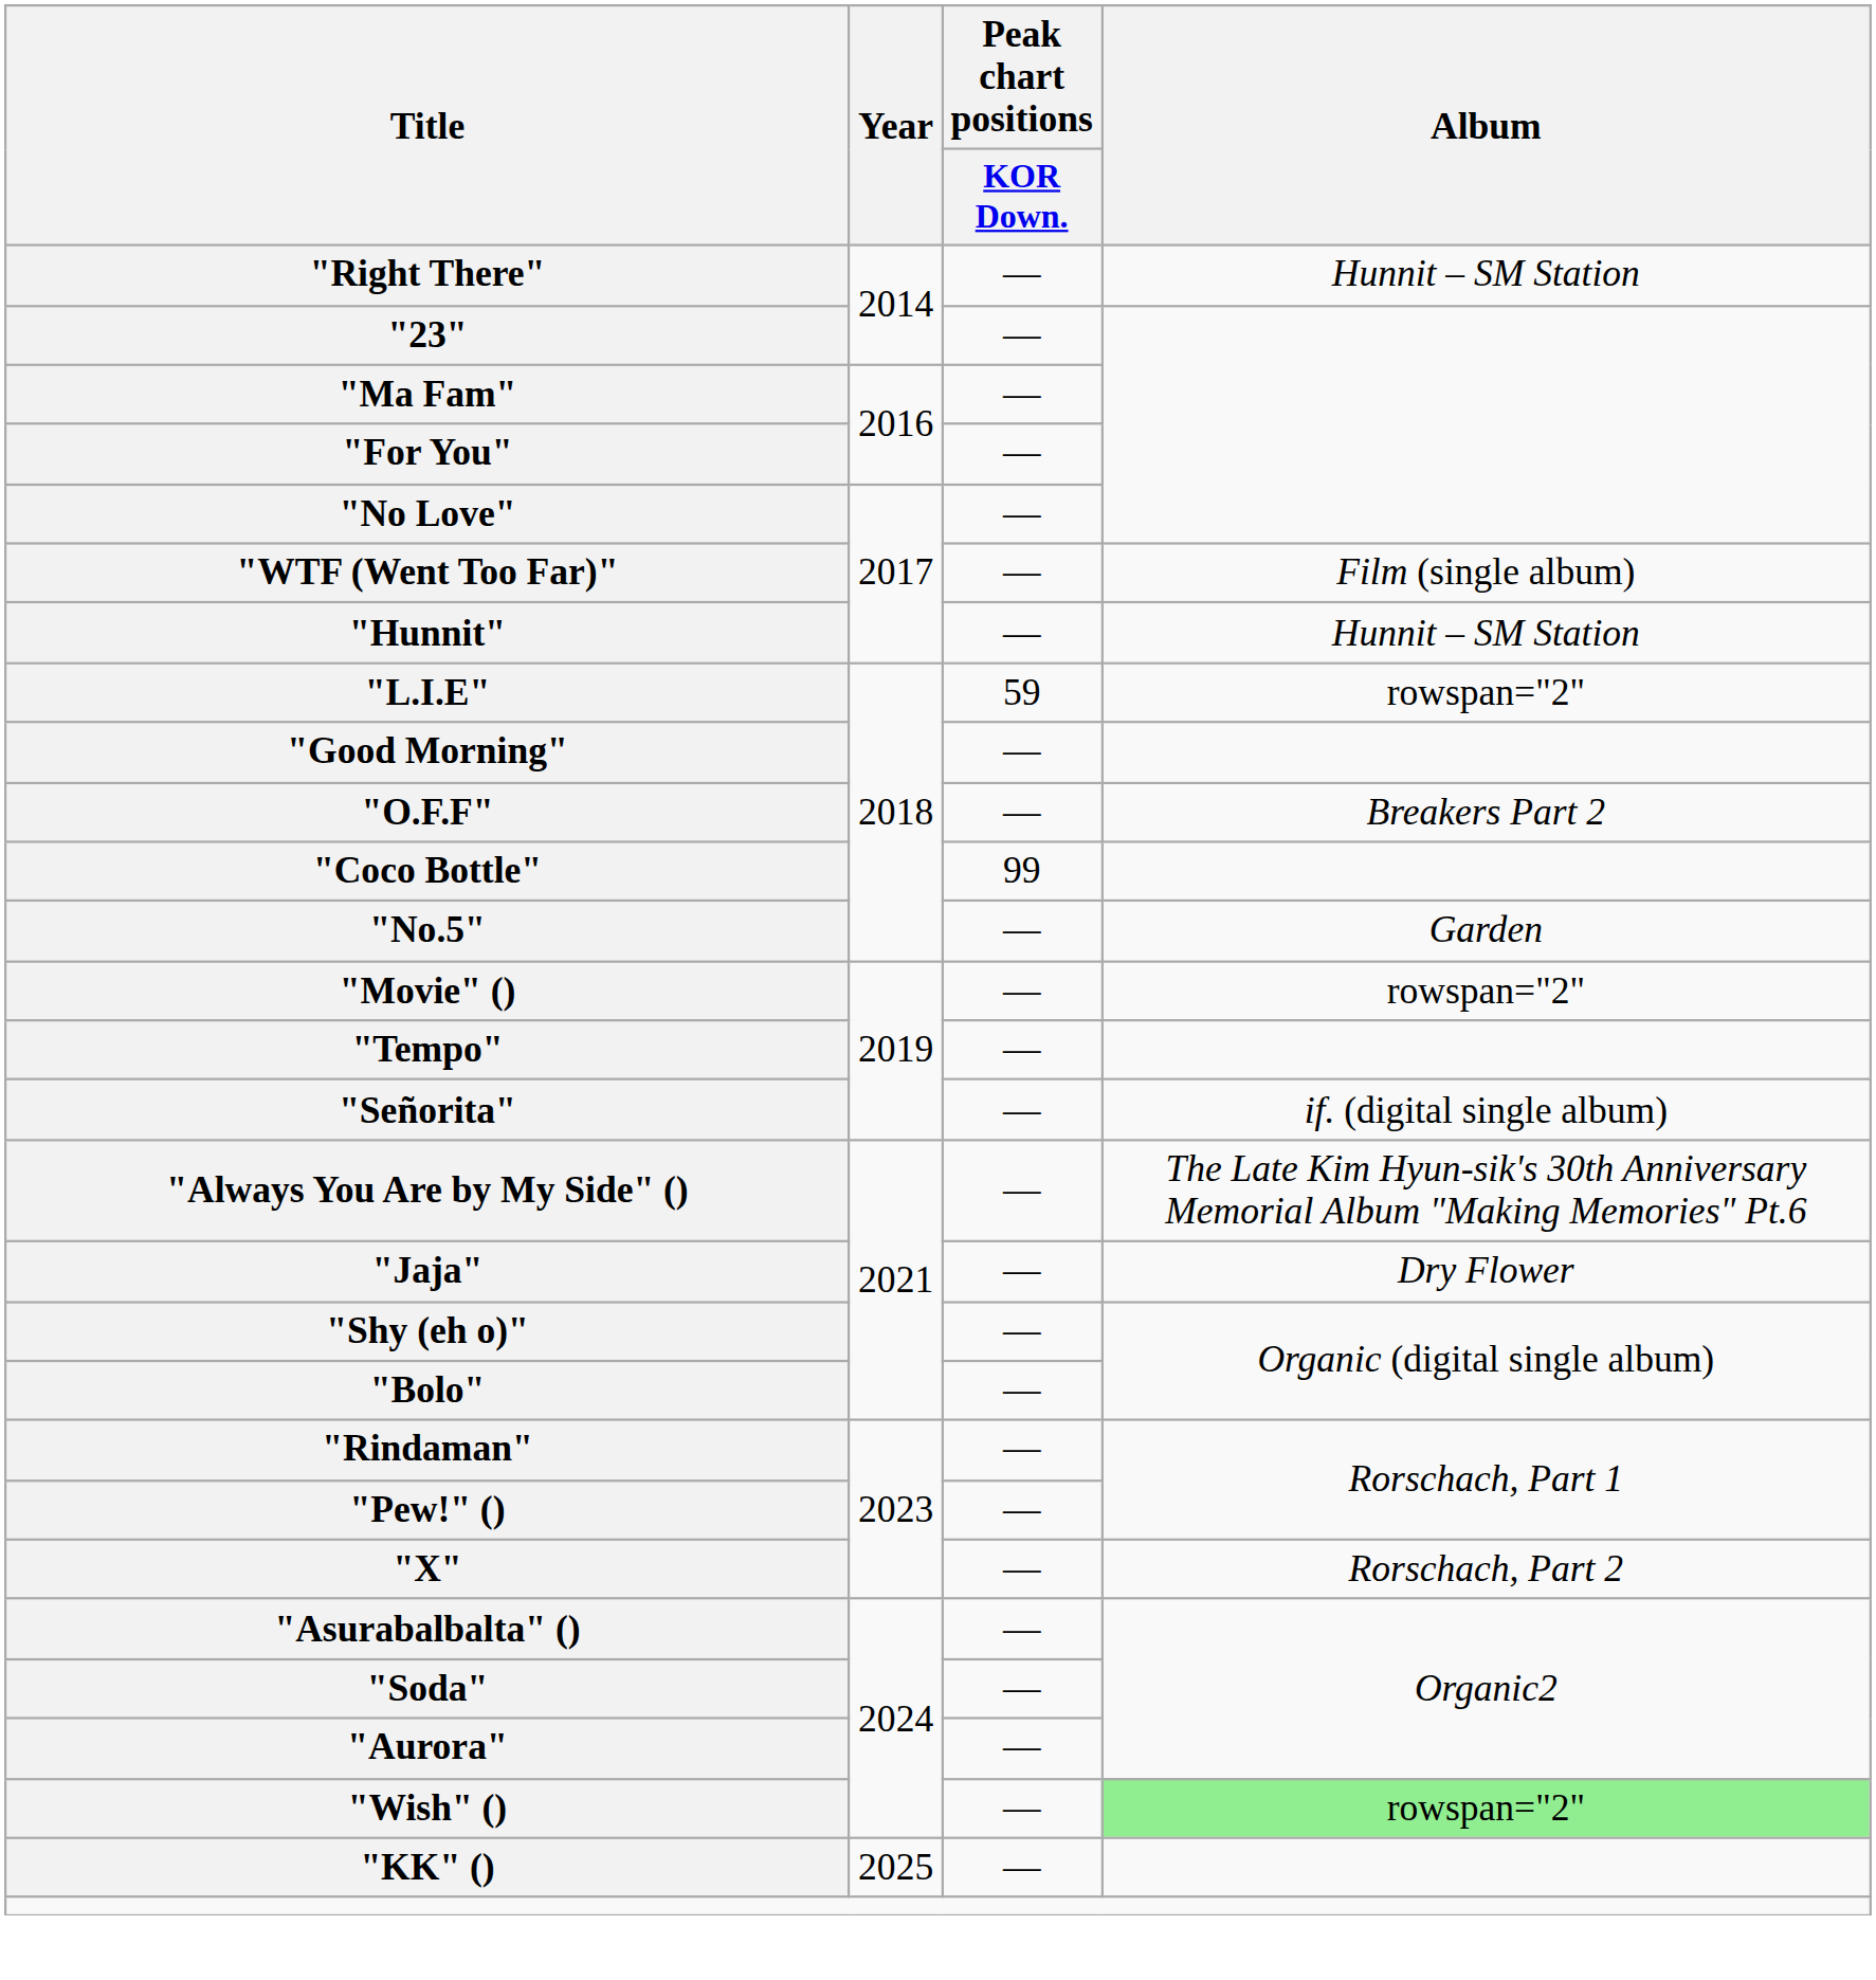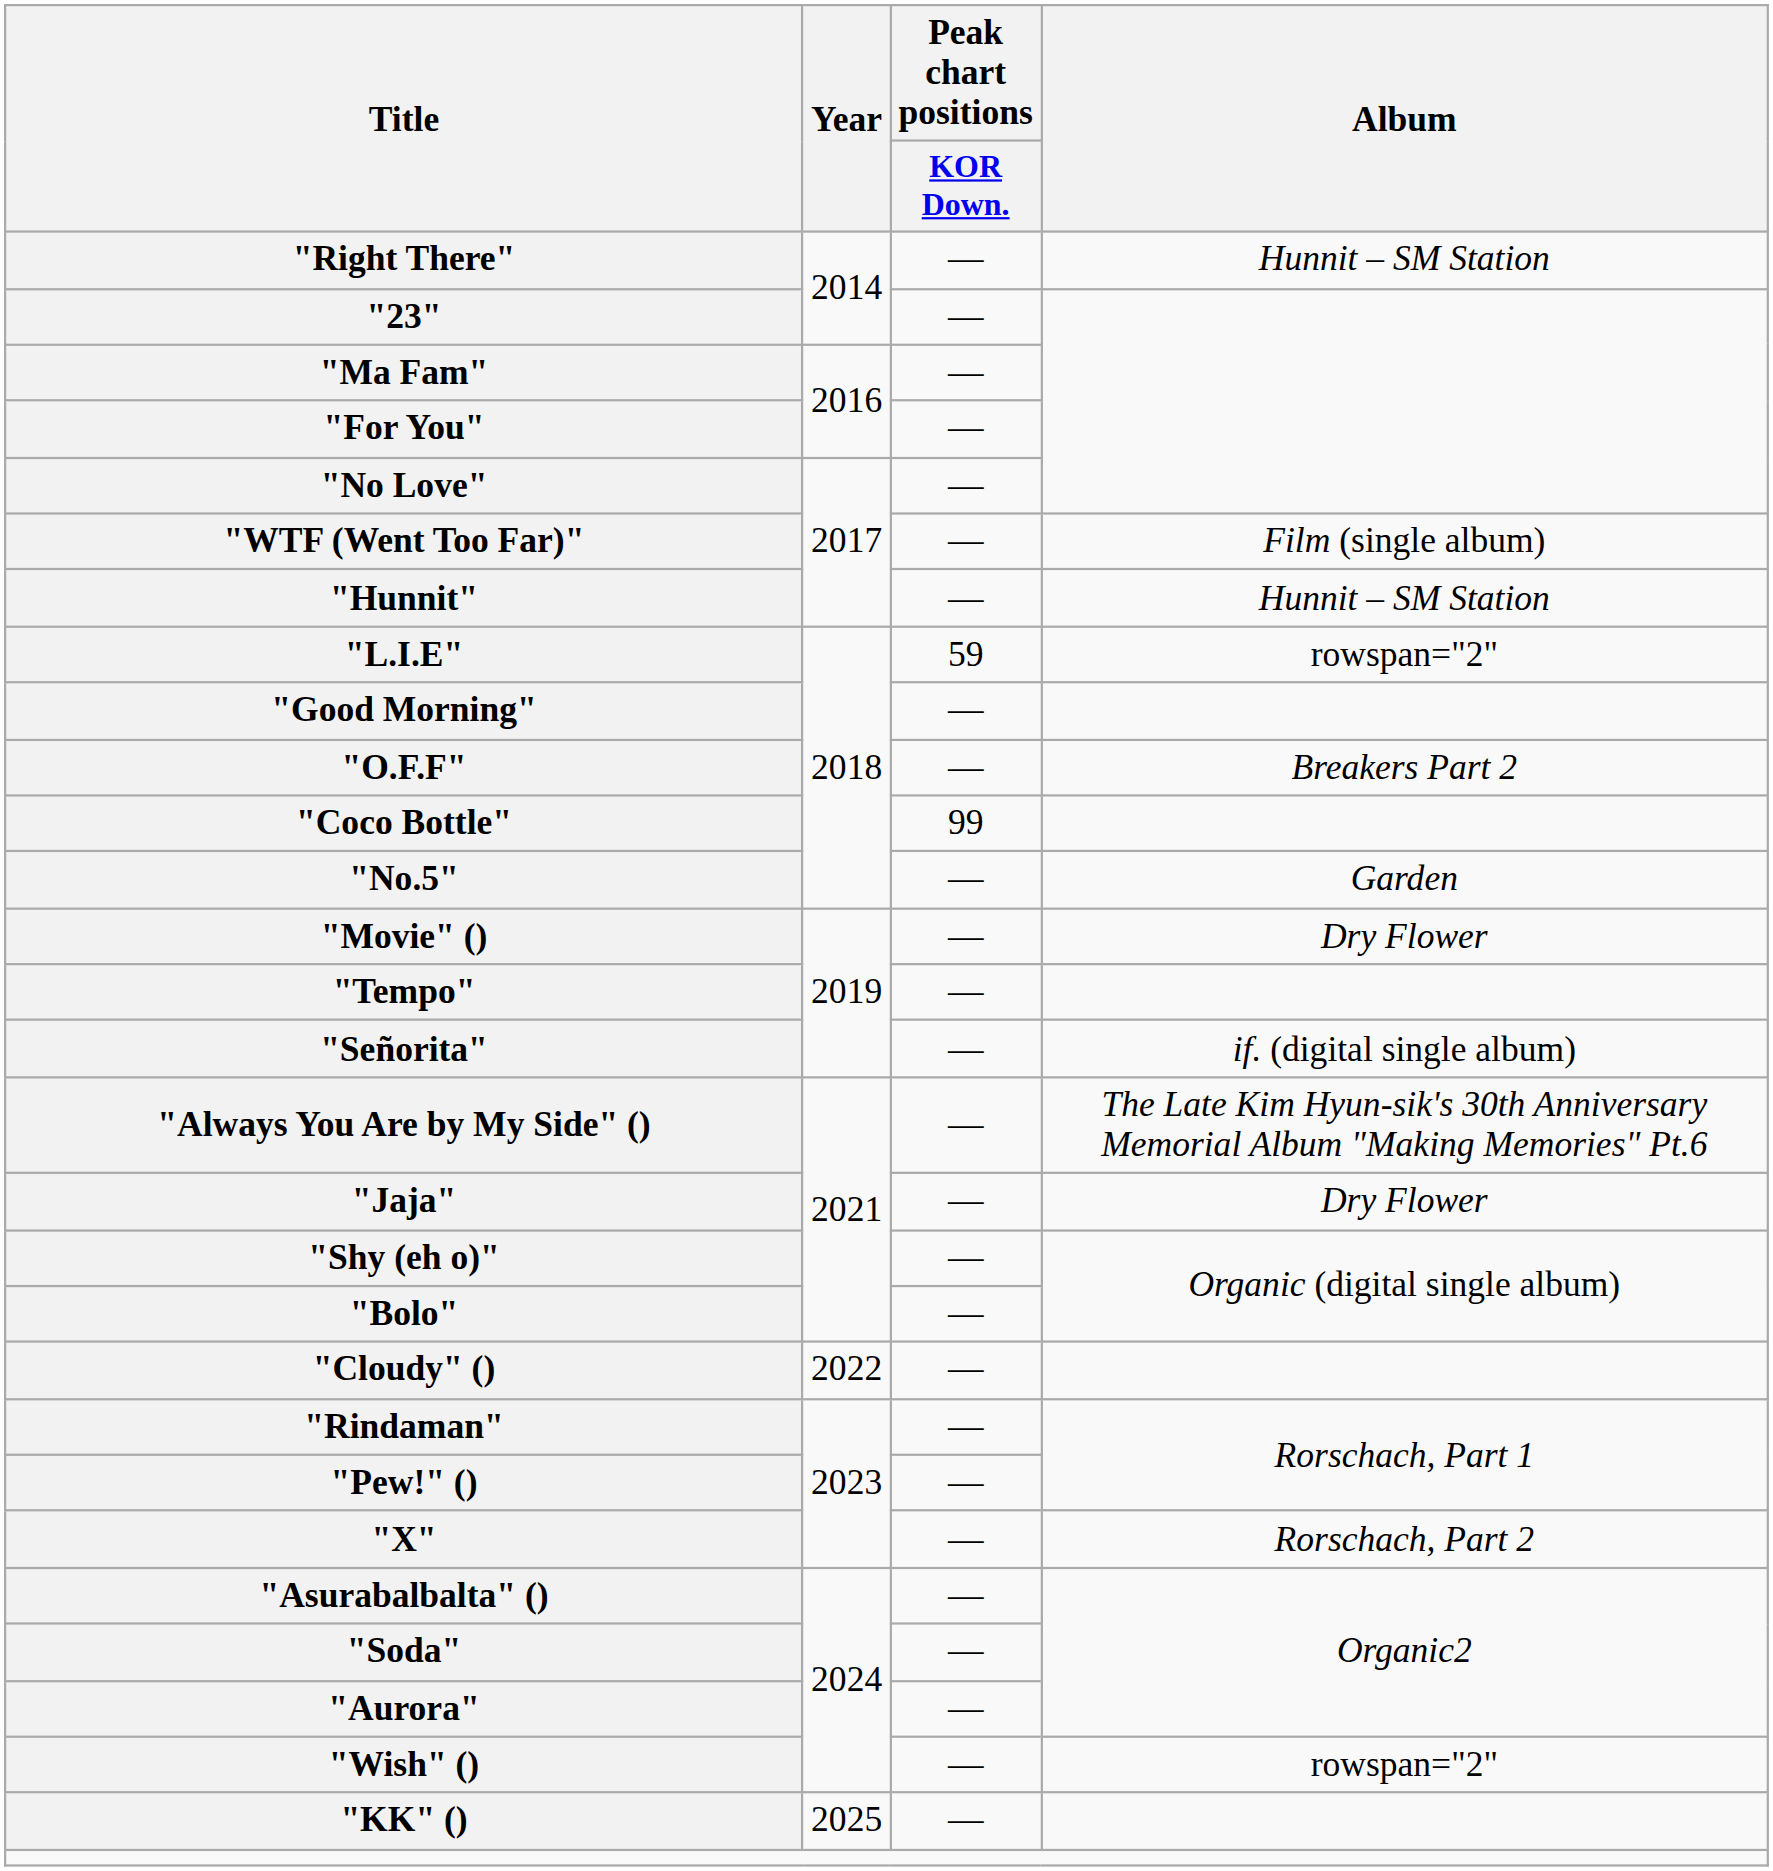 <table class="wikitable plainrowheaders" style="text-align:center;">
 <tr>
 <th scope="col" rowspan="2" style="width:22em;">Title</th>
 <th scope="col" rowspan="2">Year</th>
 <th scope="col" colspan="1">Peak chart positions</th>
 <th scope="col" rowspan="2" style="width:20em;">Album</th>
 </tr>
 <tr>
 <th scope="col" style="width:2.5em;font-size:90%;"><a href='#'>KOR<br>Down.</a><br></th>
 </tr>
 <tr>
 <th scope="row">"Right There"</th>
 <td rowspan="2">2014</td>
 <td>—</td>
 <td><em>Hunnit – SM Station</em></td>
 </tr>
 <tr>
 <th scope="row">"23"</th>
 <td>—</td>
 </tr>
 <tr>
 <th scope="row">"Ma Fam"</th>
 <td rowspan="2">2016</td>
 <td>—</td>
 </tr>
 <tr>
 <th scope="row">"For You" </th>
 <td>—</td>
 </tr>
 <tr>
 <th scope="row">"No Love"</th>
 <td rowspan="3">2017</td>
 <td>—</td>
 </tr>
 <tr>
 <th scope="row">"WTF (Went Too Far)"</th>
 <td>—</td>
 <td><em>Film</em> (single album)</td>
 </tr>
 <tr>
 <th scope="row">"Hunnit"</th>
 <td>—</td>
 <td><em>Hunnit – SM Station</em></td>
 </tr>
 <tr>
 <th scope="row">"L.I.E"</th>
 <td rowspan="5">2018</td>
 <td>59</td>
 <td>rowspan="2" </td>
 </tr>
 <tr>
 <th scope="row">"Good Morning" </th>
 <td>—</td>
 </tr>
 <tr>
 <th scope="row">"O.F.F" </th>
 <td>—</td>
 <td><em>Breakers Part 2</em></td>
 </tr>
 <tr>
 <th scope="row">"Coco Bottle"</th>
 <td>99</td>
 <td></td>
 </tr>
 <tr>
 <th scope="row">"No.5" </th>
 <td>—</td>
 <td><em>Garden</em></td>
 </tr>
 <tr>
 <th scope="row">"Movie" ()</th>
 <td rowspan="3">2019</td>
 <td>—</td>
-<td>rowspan="2" </td>
+<td><em>Dry Flower</em></td>
 </tr>
 <tr>
 <th scope="row">"Tempo" </th>
 <td>—</td>
 </tr>
 <tr>
 <th scope="row">"Señorita" </th>
 <td>—</td>
 <td><em>if.</em> (digital single album)</td>
 </tr>
 <tr>
 <th scope="row">"Always You Are by My Side" ()</th>
 <td rowspan="4">2021</td>
 <td>—</td>
 <td><em>The Late Kim Hyun-sik's 30th Anniversary Memorial Album "Making Memories" Pt.6</em></td>
 </tr>
 <tr>
 <th scope="row">"Jaja"</th>
 <td>—</td>
 <td><em>Dry Flower</em></td>
 </tr>
 <tr>
 <th scope="row">"Shy (eh o)"</th>
 <td>—</td>
 <td rowspan="2"><em>Organic</em> (digital single album)</td>
 </tr>
 <tr>
 <th scope="row">"Bolo" </th>
 <td>—</td>
+</tr>
+<tr>
+<th scope="row">"Cloudy" ()</th>
+<td>2022</td>
+<td>—</td>
+<td></td>
 </tr>
 <tr>
 <th scope="row">"Rindaman" </th>
 <td rowspan="3">2023</td>
 <td>—</td>
 <td rowspan="2"><em>Rorschach, Part 1</em></td>
 </tr>
 <tr>
 <th scope="row">"Pew!" () </th>
 <td>—</td>
 </tr>
 <tr>
 <th scope="row">"X"</th>
 <td>—</td>
 <td><em>Rorschach, Part 2</em></td>
 </tr>
 <tr>
 <th scope="row">"Asurabalbalta" ()</th>
 <td rowspan="4">2024</td>
 <td>—</td>
 <td rowspan="3"><em>Organic2</em></td>
 </tr>
 <tr>
 <th scope="row">"Soda"</th>
 <td>—</td>
 </tr>
 <tr>
 <th scope="row">"Aurora" </th>
 <td>—</td>
 </tr>
 <tr>
 <th scope="row">"Wish" ()</th>
 <td>—</td>
-<td style="background: lightgreen;">rowspan="2" </td>
+<td>rowspan="2" </td>
 </tr>
 <tr>
 <th scope="row">"KK" ()</th>
 <td>2025</td>
 <td>—</td>
 </tr>
 <tr>
 <td colspan="4"></td>
 </tr>
 </table>
